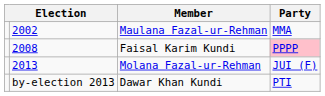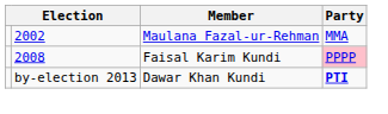 <table class="wikitable">
 <tr>
 <th colspan="2">Election</th>
 <th>Member</th>
 <th>Party</th>
 </tr>
 <tr>
 <td style="background-color: "></td>
 <td><a href='#'>2002</a></td>
 <td><a href='#'>Maulana Fazal-ur-Rehman</a></td>
 <td><a href='#'>MMA</a></td>
 </tr>
 <tr>
 <td style="background-color: "></td>
 <td><a href='#'>2008</a></td>
 <td>Faisal Karim Kundi</td>
 <td style="background: pink;"><a href='#'>PPPP</a></td>
 </tr>
 <tr>
 <td style="background-color: "></td>
-<td><a href='#'>2013</a></td>
-<td><a href='#'>Molana Fazal-ur-Rehman</a></td>
-<td><a href='#'>JUI (F)</a></td>
-</tr>
-<tr>
-<td style="background-color: "></td>
 <td>by-election 2013</td>
 <td>Dawar Khan Kundi</td>
-<td><a href='#'>PTI</a></td>
+<td><strong><a href='#'>PTI</a></strong></td>
 </tr>
 </table>
